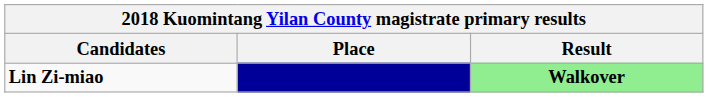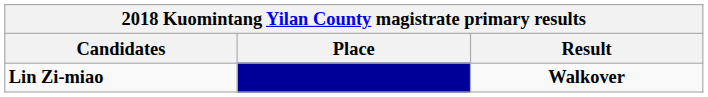 <table class="wikitable collapsible" style="margin:1em auto;">
 <tr>
 <th colspan="6" width=600>2018 Kuomintang <a href='#'>Yilan County</a> magistrate primary results</th>
 </tr>
 <tr>
 <th width=80>Candidates</th>
 <th width=80>Place</th>
 <th width=80>Result</th>
 </tr>
 <tr>
 <td><strong>Lin Zi-miao</strong></td>
 <td style="background: #000099; text-align:center"><strong></strong></td>
-<td style="background: lightgreen; text-align:center"><strong>Walkover</strong></td>
+<td style="text-align:center"><strong>Walkover</strong></td>
 </tr>
 </table>
